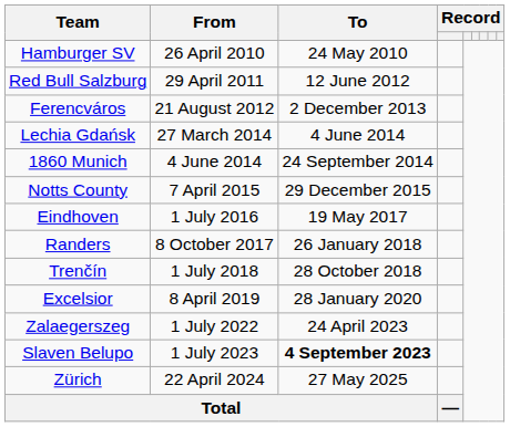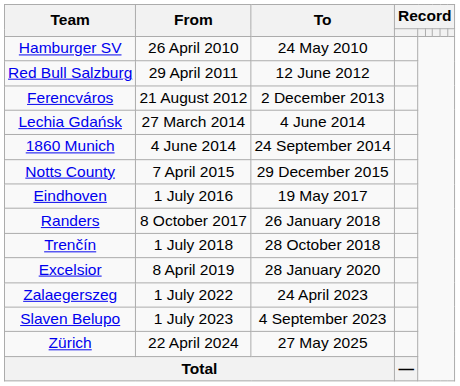 <table class="wikitable" style="text-align: center">
 <tr>
 <th rowspan="2">Team</th>
 <th rowspan="2">From</th>
 <th rowspan="2">To</th>
 <th colspan="6">Record</th>
 </tr>
 <tr>
 <th></th>
 <th></th>
 <th></th>
 <th></th>
 <th></th>
 <th></th>
 </tr>
 <tr>
 <td><a href='#'>Hamburger SV</a></td>
 <td>26 April 2010</td>
 <td>24 May 2010<br></td>
 <td></td>
 </tr>
 <tr>
 <td><a href='#'>Red Bull Salzburg</a></td>
 <td>29 April 2011</td>
 <td>12 June 2012<br></td>
 <td></td>
 </tr>
 <tr>
 <td><a href='#'>Ferencváros</a></td>
 <td>21 August 2012</td>
 <td>2 December 2013<br></td>
 <td></td>
 </tr>
 <tr>
 <td><a href='#'>Lechia Gdańsk</a></td>
 <td>27 March 2014</td>
 <td>4 June 2014<br></td>
 <td></td>
 </tr>
 <tr>
 <td><a href='#'>1860 Munich</a></td>
 <td>4 June 2014</td>
 <td>24 September 2014<br></td>
 <td></td>
 </tr>
 <tr>
 <td><a href='#'>Notts County</a></td>
 <td>7 April 2015</td>
 <td>29 December 2015<br></td>
 <td></td>
 </tr>
 <tr>
 <td><a href='#'>Eindhoven</a></td>
 <td>1 July 2016</td>
 <td>19 May 2017<br></td>
 <td></td>
 </tr>
 <tr>
 <td><a href='#'>Randers</a></td>
 <td>8 October 2017</td>
 <td>26 January 2018<br></td>
 <td></td>
 </tr>
 <tr>
 <td><a href='#'>Trenčín</a></td>
 <td>1 July 2018</td>
 <td>28 October 2018<br></td>
 <td></td>
 </tr>
 <tr>
 <td><a href='#'>Excelsior</a></td>
 <td>8 April 2019</td>
 <td>28 January 2020<br></td>
 <td></td>
 </tr>
 <tr>
 <td><a href='#'>Zalaegerszeg</a></td>
 <td>1 July 2022</td>
 <td>24 April 2023<br></td>
 <td></td>
 </tr>
 <tr>
 <td><a href='#'>Slaven Belupo</a></td>
 <td>1 July 2023</td>
-<td><strong>4 September 2023<br></strong></td>
+<td>4 September 2023<br></td>
 <td></td>
 </tr>
 <tr>
 <td><a href='#'>Zürich</a></td>
 <td>22 April 2024</td>
 <td>27 May 2025<br></td>
 <td></td>
 </tr>
 <tr>
 <th colspan="3">Total<br></th>
 <th>—</th>
 </tr>
 </table>
